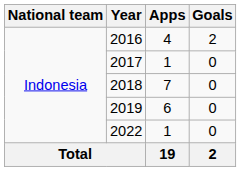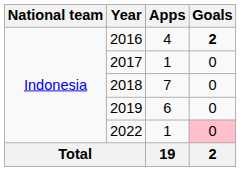 <table class="wikitable" style="text-align:center">
 <tr>
 <th>National team</th>
 <th>Year</th>
 <th>Apps</th>
 <th>Goals</th>
 </tr>
 <tr>
 <td rowspan=5><a href='#'>Indonesia</a></td>
 <td>2016</td>
 <td>4</td>
-<td>2</td>
+<td><strong>2</strong></td>
 </tr>
 <tr>
 <td>2017</td>
 <td>1</td>
 <td>0</td>
 </tr>
 <tr>
 <td>2018</td>
 <td>7</td>
 <td>0</td>
 </tr>
 <tr>
 <td>2019</td>
 <td>6</td>
 <td>0</td>
 </tr>
 <tr>
 <td>2022</td>
 <td>1</td>
-<td>0</td>
+<td style="background: pink;">0</td>
 </tr>
 <tr>
 <th colspan=2>Total</th>
 <th>19</th>
 <th>2</th>
 </tr>
 </table>
